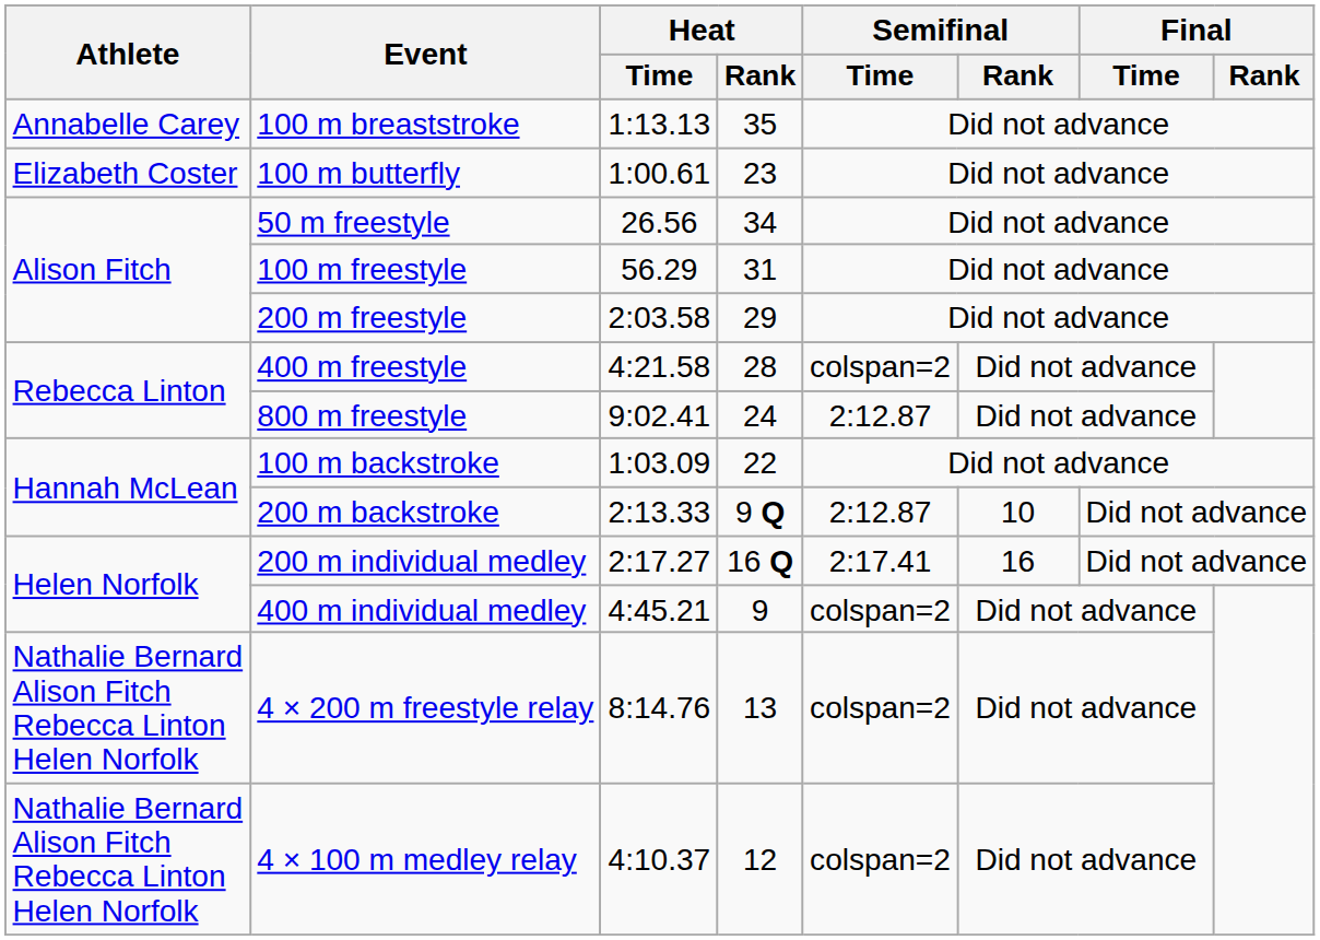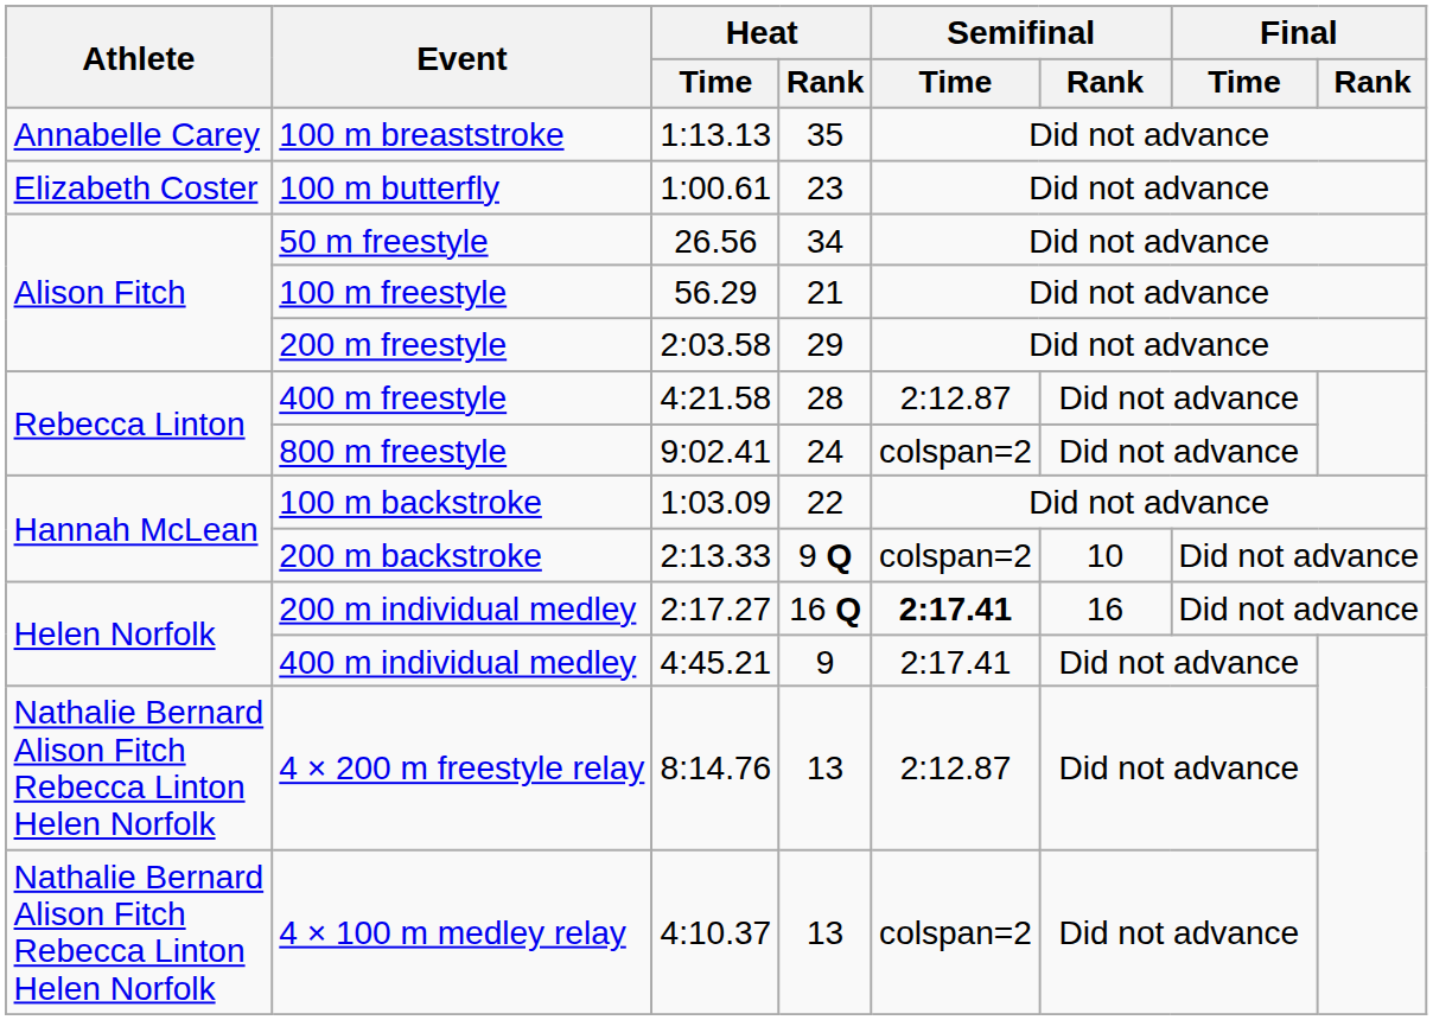 <table class=wikitable style="font-size:90%">
 <tr>
 <th rowspan="2">Athlete</th>
 <th rowspan="2">Event</th>
 <th colspan="2">Heat</th>
 <th colspan="2">Semifinal</th>
 <th colspan="2">Final</th>
 </tr>
 <tr style="font-size:95%">
 <th>Time</th>
 <th>Rank</th>
 <th>Time</th>
 <th>Rank</th>
 <th>Time</th>
 <th>Rank</th>
 </tr>
 <tr align=center>
 <td align=left><a href='#'>Annabelle Carey</a></td>
 <td align=left><a href='#'>100 m breaststroke</a></td>
 <td>1:13.13</td>
 <td>35</td>
 <td colspan=4>Did not advance</td>
 </tr>
 <tr align=center>
 <td align=left><a href='#'>Elizabeth Coster</a></td>
 <td align=left><a href='#'>100 m butterfly</a></td>
 <td>1:00.61</td>
 <td>23</td>
 <td colspan=4>Did not advance</td>
 </tr>
 <tr align=center>
 <td align=left rowspan=3><a href='#'>Alison Fitch</a></td>
 <td align=left><a href='#'>50 m freestyle</a></td>
 <td>26.56</td>
 <td>34</td>
 <td colspan=4>Did not advance</td>
 </tr>
 <tr align=center>
 <td align=left><a href='#'>100 m freestyle</a></td>
 <td>56.29</td>
-<td>31</td>
+<td>21</td>
 <td colspan=4>Did not advance</td>
 </tr>
 <tr align=center>
 <td align=left><a href='#'>200 m freestyle</a></td>
 <td>2:03.58</td>
 <td>29</td>
 <td colspan=4>Did not advance</td>
 </tr>
 <tr align=center>
 <td align=left rowspan=2><a href='#'>Rebecca Linton</a></td>
 <td align=left><a href='#'>400 m freestyle</a></td>
 <td>4:21.58</td>
 <td>28</td>
-<td>colspan=2 </td>
+<td>2:12.87</td>
 <td colspan=2>Did not advance</td>
 </tr>
 <tr align=center>
 <td align=left><a href='#'>800 m freestyle</a></td>
 <td>9:02.41</td>
 <td>24</td>
-<td>2:12.87</td>
+<td>colspan=2 </td>
 <td colspan=2>Did not advance</td>
 </tr>
 <tr align=center>
 <td align=left rowspan=2><a href='#'>Hannah McLean</a></td>
 <td align=left><a href='#'>100 m backstroke</a></td>
 <td>1:03.09</td>
 <td>22</td>
 <td colspan=4>Did not advance</td>
 </tr>
 <tr align=center>
 <td align=left><a href='#'>200 m backstroke</a></td>
 <td>2:13.33</td>
 <td>9 <strong>Q</strong></td>
-<td>2:12.87</td>
+<td>colspan=2 </td>
 <td>10</td>
 <td colspan=2>Did not advance</td>
 </tr>
 <tr align=center>
 <td align=left rowspan=2><a href='#'>Helen Norfolk</a></td>
 <td align=left><a href='#'>200 m individual medley</a></td>
 <td>2:17.27</td>
 <td>16 <strong>Q</strong></td>
-<td>2:17.41</td>
+<td><strong>2:17.41</strong></td>
 <td>16</td>
 <td colspan=2>Did not advance</td>
 </tr>
 <tr align=center>
 <td align=left><a href='#'>400 m individual medley</a></td>
 <td>4:45.21</td>
 <td>9</td>
-<td>colspan=2 </td>
+<td>2:17.41</td>
 <td colspan=2>Did not advance</td>
 </tr>
 <tr align=center>
 <td align=left><a href='#'>Nathalie Bernard</a><br><a href='#'>Alison Fitch</a><br><a href='#'>Rebecca Linton</a><br><a href='#'>Helen Norfolk</a></td>
 <td align=left><a href='#'>4 × 200 m freestyle relay</a></td>
 <td>8:14.76</td>
 <td>13</td>
-<td>colspan=2 </td>
+<td>2:12.87</td>
 <td colspan=2>Did not advance</td>
 </tr>
 <tr align=center>
 <td align=left><a href='#'>Nathalie Bernard</a><br><a href='#'>Alison Fitch</a><br><a href='#'>Rebecca Linton</a><br><a href='#'>Helen Norfolk</a></td>
 <td align=left><a href='#'>4 × 100 m medley relay</a></td>
 <td>4:10.37</td>
-<td>12</td>
+<td>13</td>
 <td>colspan=2 </td>
 <td colspan=2>Did not advance</td>
 </tr>
 </table>
